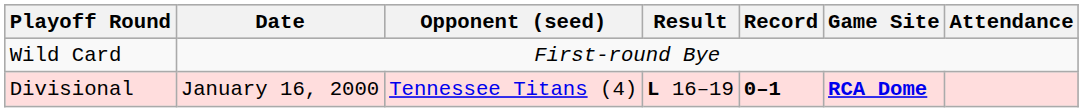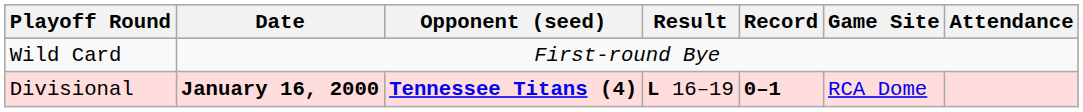 <table class="wikitable">
 <tr>
 <th>Playoff Round</th>
 <th>Date</th>
 <th>Opponent (seed)</th>
 <th>Result</th>
 <th>Record</th>
 <th>Game Site</th>
 <th>Attendance</th>
 </tr>
 <tr>
 <td>Wild Card</td>
 <td colspan="7" align="center"><em>First-round Bye</em></td>
 </tr>
 <tr bgcolor="#ffdddd">
 <td>Divisional</td>
-<td>January 16, 2000</td>
-<td><a href='#'>Tennessee Titans</a> (4)</td>
+<td><strong>January 16, 2000</strong></td>
+<td><strong><a href='#'>Tennessee Titans</a> (4)</strong></td>
 <td><strong>L</strong> 16–19</td>
 <td><strong>0–1</strong></td>
-<td><strong><a href='#'>RCA Dome</a></strong></td>
+<td><a href='#'>RCA Dome</a></td>
 <td></td>
 </tr>
 </table>
